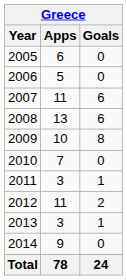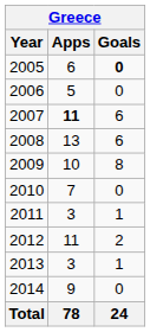 <table class="wikitable" style="text-align:center">
 <tr>
 <th colspan=3><a href='#'>Greece</a></th>
 </tr>
 <tr>
 <th>Year</th>
 <th>Apps</th>
 <th>Goals</th>
 </tr>
 <tr>
 <td>2005</td>
 <td>6</td>
-<td>0</td>
+<td><strong>0</strong></td>
 </tr>
 <tr>
 <td>2006</td>
 <td>5</td>
 <td>0</td>
 </tr>
 <tr>
 <td>2007</td>
-<td>11</td>
+<td><strong>11</strong></td>
 <td>6</td>
 </tr>
 <tr>
 <td>2008</td>
 <td>13</td>
 <td>6</td>
 </tr>
 <tr>
 <td>2009</td>
 <td>10</td>
 <td>8</td>
 </tr>
 <tr>
 <td>2010</td>
 <td>7</td>
 <td>0</td>
 </tr>
 <tr>
 <td>2011</td>
 <td>3</td>
 <td>1</td>
 </tr>
 <tr>
 <td>2012</td>
 <td>11</td>
 <td>2</td>
 </tr>
 <tr>
 <td>2013</td>
 <td>3</td>
 <td>1</td>
 </tr>
 <tr>
 <td>2014</td>
 <td>9</td>
 <td>0</td>
 </tr>
 <tr>
 <th>Total</th>
 <th>78</th>
 <th>24</th>
 </tr>
 </table>
